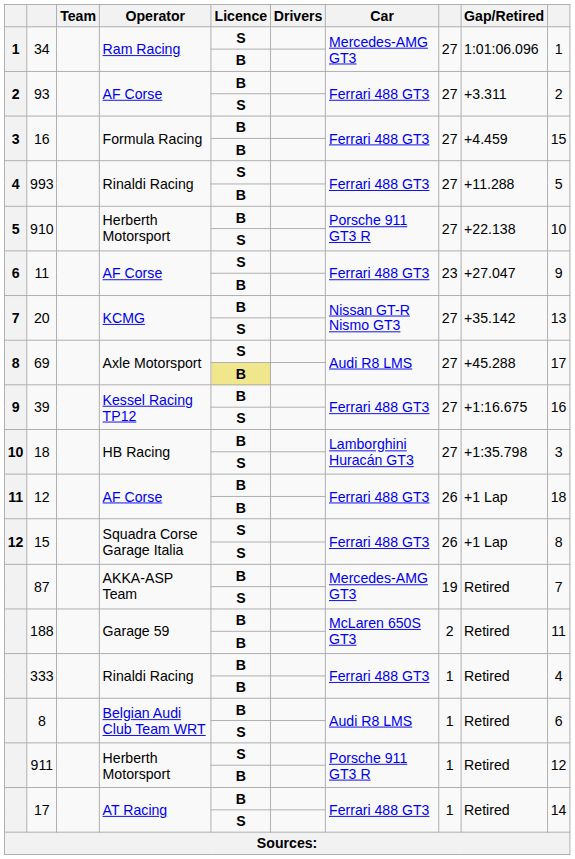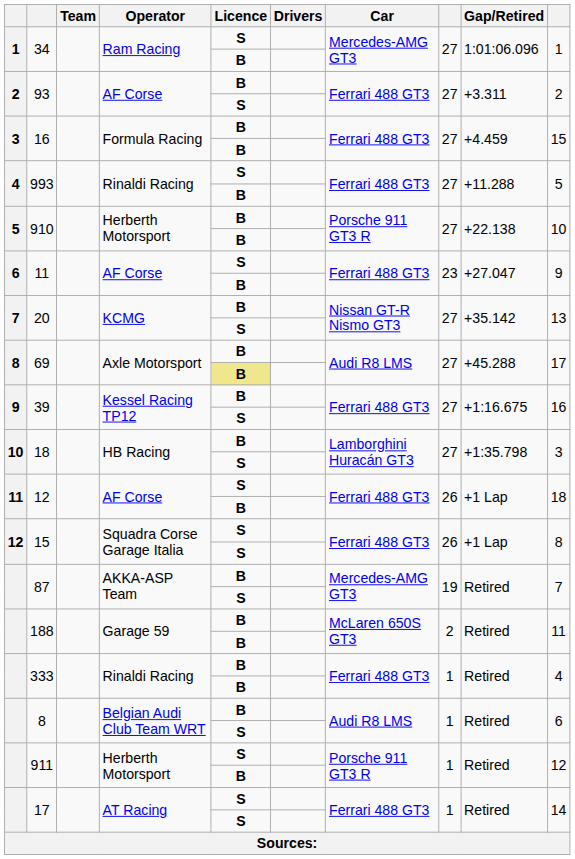 <table class="wikitable sortable" style="font-size: 95%;">
 <tr>
 <th scope="col"></th>
 <th scope="col"></th>
 <th scope="col">Team</th>
 <th scope="col">Operator</th>
 <th scope="col">Licence</th>
 <th scope="col">Drivers</th>
 <th scope="col">Car</th>
 <th scope="col" class="unsortable"></th>
 <th scope="col" class="unsortable">Gap/Retired</th>
 <th scope="col"></th>
 </tr>
 <tr>
 <th rowspan="2" scope="row">1</th>
 <td rowspan="2" align=center>34</td>
 <td rowspan="2"></td>
 <td rowspan="2"><a href='#'>Ram Racing</a></td>
 <td align=center><strong><span>S</span></strong></td>
 <td data-sort-value="GUV"></td>
 <td rowspan="2"><a href='#'>Mercedes-AMG GT3</a></td>
 <td rowspan="2" align=center>27</td>
 <td rowspan="2">1:01:06.096</td>
 <td rowspan="2" align=center>1</td>
 </tr>
 <tr>
 <td align=center><strong><span>B</span></strong></td>
 <td data-sort-value="YOL"></td>
 </tr>
 <tr>
 <th rowspan="2" scope="row">2</th>
 <td rowspan="2" align=center>93</td>
 <td rowspan="2"></td>
 <td rowspan="2"><a href='#'>AF Corse</a></td>
 <td align=center><strong><span>B</span></strong></td>
 <td data-sort-value="BUN"></td>
 <td rowspan="2"><a href='#'>Ferrari 488 GT3</a></td>
 <td rowspan="2" align=center>27</td>
 <td rowspan="2">+3.311</td>
 <td rowspan="2" align=center>2</td>
 </tr>
 <tr>
 <td align=center><strong><span>S</span></strong></td>
 <td data-sort-value="FRO"></td>
 </tr>
 <tr>
 <th rowspan="2" scope="row">3</th>
 <td rowspan="2" align=center>16</td>
 <td rowspan="2"></td>
 <td rowspan="2">Formula Racing</td>
 <td align=center><strong><span>B</span></strong></td>
 <td data-sort-value="LAU"></td>
 <td rowspan="2"><a href='#'>Ferrari 488 GT3</a></td>
 <td rowspan="2" align=center>27</td>
 <td rowspan="2">+4.459</td>
 <td rowspan="2" align=center>15</td>
 </tr>
 <tr>
 <td align=center><strong><span>B</span></strong></td>
 <td data-sort-value="NIE"></td>
 </tr>
 <tr>
 <th rowspan="2" scope="row">4</th>
 <td rowspan="2" align=center>993</td>
 <td rowspan="2"></td>
 <td rowspan="2">Rinaldi Racing</td>
 <td align=center><strong><span>S</span></strong></td>
 <td data-sort-value="BUL"></td>
 <td rowspan="2"><a href='#'>Ferrari 488 GT3</a></td>
 <td rowspan="2" align=center>27</td>
 <td rowspan="2">+11.288</td>
 <td rowspan="2" align=center>5</td>
 </tr>
 <tr>
 <td align=center><strong><span>B</span></strong></td>
 <td data-sort-value="SAL"></td>
 </tr>
 <tr>
 <th rowspan="2" scope="row">5</th>
 <td rowspan="2" align=center>910</td>
 <td rowspan="2"></td>
 <td rowspan="2">Herberth Motorsport</td>
 <td align=center><strong><span>B</span></strong></td>
 <td data-sort-value="LI"></td>
 <td rowspan="2"><a href='#'>Porsche 911 GT3 R</a></td>
 <td rowspan="2" align=center>27</td>
 <td rowspan="2">+22.138</td>
 <td rowspan="2" align=center>10</td>
 </tr>
 <tr>
-<td align=center><strong><span>S</span></strong></td>
+<td align=center><strong><span>B</span></strong></td>
 <td data-sort-value="YE"></td>
 </tr>
 <tr>
 <th rowspan="2" scope="row">6</th>
 <td rowspan="2" align=center>11</td>
 <td rowspan="2"></td>
 <td rowspan="2"><a href='#'>AF Corse</a></td>
 <td align=center><strong><span>S</span></strong></td>
 <td data-sort-value="CRE"></td>
 <td rowspan="2"><a href='#'>Ferrari 488 GT3</a></td>
 <td rowspan="2" align=center>23</td>
 <td rowspan="2">+27.047</td>
 <td rowspan="2" align=center>9</td>
 </tr>
 <tr>
 <td align=center><strong><span>B</span></strong></td>
 <td data-sort-value="PER"></td>
 </tr>
 <tr>
 <th rowspan="2" scope="row">7</th>
 <td rowspan="2" align=center>20</td>
 <td rowspan="2"></td>
 <td rowspan="2"><a href='#'>KCMG</a></td>
 <td align=center><strong><span>B</span></strong></td>
 <td data-sort-value="AU"></td>
 <td rowspan="2"><a href='#'>Nissan GT-R Nismo GT3</a></td>
 <td rowspan="2" align=center>27</td>
 <td rowspan="2">+35.142</td>
 <td rowspan="2" align=center>13</td>
 </tr>
 <tr>
 <td align=center><strong><span>S</span></strong></td>
 <td data-sort-value="YAN"></td>
 </tr>
 <tr>
 <th rowspan="2" scope="row">8</th>
 <td rowspan="2" align=center>69</td>
 <td rowspan="2"></td>
 <td rowspan="2">Axle Motorsport</td>
-<td align=center><strong><span>S</span></strong></td>
+<td align=center><strong><span>B</span></strong></td>
 <td data-sort-value="CHE"></td>
 <td rowspan="2"><a href='#'>Audi R8 LMS</a></td>
 <td rowspan="2" align=center>27</td>
 <td rowspan="2">+45.288</td>
 <td rowspan="2" align=center>17</td>
 </tr>
 <tr>
 <td align=center style="background: khaki;"><strong><span>B</span></strong></td>
 <td data-sort-value="LOw"></td>
 </tr>
 <tr>
 <th rowspan="2" scope="row">9</th>
 <td rowspan="2" align=center>39</td>
 <td rowspan="2"></td>
 <td rowspan="2"><a href='#'>Kessel Racing TP12</a></td>
 <td align=center><strong><span>B</span></strong></td>
 <td data-sort-value="BHI"></td>
 <td rowspan="2"><a href='#'>Ferrari 488 GT3</a></td>
 <td rowspan="2" align=center>27</td>
 <td rowspan="2">+1:16.675</td>
 <td rowspan="2" align=center>16</td>
 </tr>
 <tr>
 <td align=center><strong><span>S</span></strong></td>
 <td data-sort-value="LAT"></td>
 </tr>
 <tr>
 <th rowspan="2" scope="row">10</th>
 <td rowspan="2" align=center>18</td>
 <td rowspan="2"></td>
 <td rowspan="2">HB Racing</td>
 <td align=center><strong><span>B</span></strong></td>
 <td data-sort-value="BAL"></td>
 <td rowspan="2"><a href='#'>Lamborghini Huracán GT3</a></td>
 <td rowspan="2" align=center>27</td>
 <td rowspan="2">+1:35.798</td>
 <td rowspan="2" align=center>3</td>
 </tr>
 <tr>
 <td align=center><strong><span>S</span></strong></td>
 <td data-sort-value="COM"></td>
 </tr>
 <tr>
 <th rowspan="2" scope="row">11</th>
 <td rowspan="2" align=center>12</td>
 <td rowspan="2"></td>
 <td rowspan="2"><a href='#'>AF Corse</a></td>
-<td align=center><strong><span>B</span></strong></td>
+<td align=center><strong><span>S</span></strong></td>
 <td data-sort-value="KON"></td>
 <td rowspan="2"><a href='#'>Ferrari 488 GT3</a></td>
 <td rowspan="2" align=center>26</td>
 <td rowspan="2">+1 Lap</td>
 <td rowspan="2" align=center>18</td>
 </tr>
 <tr>
 <td align=center><strong><span>B</span></strong></td>
 <td data-sort-value="SET"></td>
 </tr>
 <tr>
 <th rowspan="2" scope="row">12</th>
 <td rowspan="2" align=center>15</td>
 <td rowspan="2"></td>
 <td rowspan="2">Squadra Corse Garage Italia</td>
 <td align=center><strong><span>S</span></strong></td>
 <td data-sort-value="FUE"></td>
 <td rowspan="2"><a href='#'>Ferrari 488 GT3</a></td>
 <td rowspan="2" align=center>26</td>
 <td rowspan="2">+1 Lap</td>
 <td rowspan="2" align=center>8</td>
 </tr>
 <tr>
 <td align=center><strong><span>S</span></strong></td>
 <td data-sort-value="PER"></td>
 </tr>
 <tr>
 <th rowspan="2" scope="row"></th>
 <td rowspan="2" align=center>87</td>
 <td rowspan="2"></td>
 <td rowspan="2">AKKA-ASP Team</td>
 <td align=center><strong><span>B</span></strong></td>
 <td data-sort-value="BEA"></td>
 <td rowspan="2"><a href='#'>Mercedes-AMG GT3</a></td>
 <td rowspan="2" align=center>19</td>
 <td rowspan="2">Retired</td>
 <td rowspan="2" align=center>7</td>
 </tr>
 <tr>
 <td align=center><strong><span>S</span></strong></td>
 <td data-sort-value="PLA"></td>
 </tr>
 <tr>
 <th rowspan="2" scope="row"></th>
 <td rowspan="2" align=center>188</td>
 <td rowspan="2"></td>
 <td rowspan="2">Garage 59</td>
 <td align=center><strong><span>B</span></strong></td>
 <td data-sort-value="BOU"></td>
 <td rowspan="2"><a href='#'>McLaren 650S GT3</a></td>
 <td rowspan="2" align=center>2</td>
 <td rowspan="2">Retired</td>
 <td rowspan="2" align=center>11</td>
 </tr>
 <tr>
 <td align=center><strong><span>B</span></strong></td>
 <td data-sort-value="WES"></td>
 </tr>
 <tr>
 <th rowspan="2" scope="row"></th>
 <td rowspan="2" align=center>333</td>
 <td rowspan="2"></td>
 <td rowspan="2">Rinaldi Racing</td>
 <td align=center><strong><span>B</span></strong></td>
 <td data-sort-value="BAS"></td>
 <td rowspan="2"><a href='#'>Ferrari 488 GT3</a></td>
 <td rowspan="2" align=center>1</td>
 <td rowspan="2">Retired</td>
 <td rowspan="2" align=center>4</td>
 </tr>
 <tr>
 <td align=center><strong><span>B</span></strong></td>
 <td data-sort-value="MAT"></td>
 </tr>
 <tr>
 <th rowspan="2" scope="row"></th>
 <td rowspan="2" align=center>8</td>
 <td rowspan="2"></td>
 <td rowspan="2"><a href='#'>Belgian Audi Club Team WRT</a></td>
 <td align=center><strong><span>B</span></strong></td>
 <td data-sort-value="DEN"></td>
 <td rowspan="2"><a href='#'>Audi R8 LMS</a></td>
 <td rowspan="2" align=center>1</td>
 <td rowspan="2">Retired</td>
 <td rowspan="2" align=center>6</td>
 </tr>
 <tr>
 <td align=center><strong><span>S</span></strong></td>
 <td data-sort-value="WEE"></td>
 </tr>
 <tr>
 <th rowspan="2" scope="row"></th>
 <td rowspan="2" align=center>911</td>
 <td rowspan="2"></td>
 <td rowspan="2">Herberth Motorsport</td>
 <td align=center><strong><span>S</span></strong></td>
 <td data-sort-value="GROB"></td>
 <td rowspan="2"><a href='#'>Porsche 911 GT3 R</a></td>
 <td rowspan="2" align=center>1</td>
 <td rowspan="2">Retired</td>
 <td rowspan="2" align=center>12</td>
 </tr>
 <tr>
 <td align=center><strong><span>B</span></strong></td>
 <td data-sort-value="GROS"></td>
 </tr>
 <tr>
 <th rowspan="2" scope="row"></th>
 <td rowspan="2" align=center>17</td>
 <td rowspan="2"></td>
 <td rowspan="2"><a href='#'>AT Racing</a></td>
-<td align=center><strong><span>B</span></strong></td>
+<td align=center><strong><span>S</span></strong></td>
 <td data-sort-value="TAL2"></td>
 <td rowspan="2"><a href='#'>Ferrari 488 GT3</a></td>
 <td rowspan="2" align=center>1</td>
 <td rowspan="2">Retired</td>
 <td rowspan="2" align=center>14</td>
 </tr>
 <tr>
 <td align=center><strong><span>S</span></strong></td>
 <td data-sort-value="TAL2"></td>
 </tr>
 <tr>
 <th colspan=10>Sources:</th>
 </tr>
 </table>
